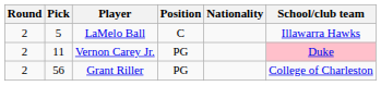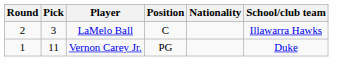 <table class="wikitable sortable sortable">
 <tr>
 <th>Round</th>
 <th>Pick</th>
 <th>Player</th>
 <th>Position</th>
 <th>Nationality</th>
 <th>School/club team</th>
 </tr>
 <tr style="text-align: center">
 <td>2</td>
-<td>5</td>
+<td>3</td>
 <td><a href='#'>LaMelo Ball</a></td>
 <td>C</td>
 <td></td>
 <td> <a href='#'>Illawarra Hawks</a></td>
 </tr>
 <tr style="text-align: center">
-<td>2</td>
+<td>1</td>
 <td>11</td>
 <td><a href='#'>Vernon Carey Jr.</a></td>
 <td>PG</td>
 <td></td>
-<td style="background: pink;"><a href='#'>Duke</a></td>
-</tr>
-<tr style="text-align: center">
-<td>2</td>
-<td>56</td>
-<td><a href='#'>Grant Riller</a></td>
-<td>PG</td>
-<td></td>
-<td><a href='#'>College of Charleston</a></td>
+<td><a href='#'>Duke</a></td>
 </tr>
 </table>
